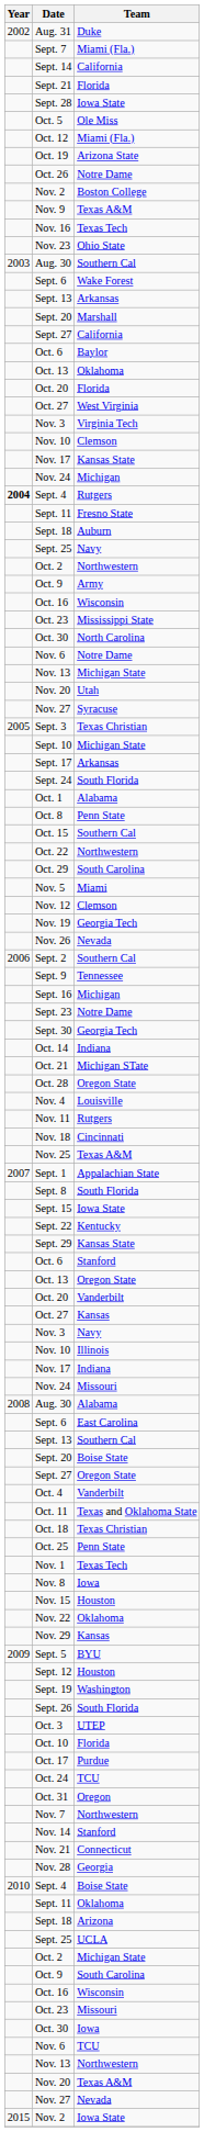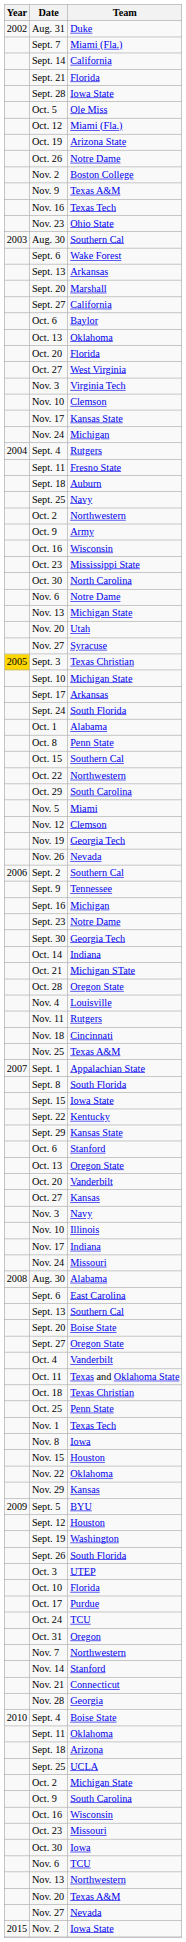 <table class="wikitable">
 <tr>
 <th>Year</th>
 <th>Date</th>
 <th>Team</th>
 </tr>
 <tr>
 <td>2002</td>
 <td>Aug. 31</td>
 <td><a href='#'>Duke</a></td>
 </tr>
 <tr>
 <td></td>
 <td>Sept. 7</td>
 <td><a href='#'>Miami (Fla.)</a></td>
 </tr>
 <tr>
 <td></td>
 <td>Sept. 14</td>
 <td><a href='#'>California</a></td>
 </tr>
 <tr>
 <td></td>
 <td>Sept. 21</td>
 <td><a href='#'>Florida</a></td>
 </tr>
 <tr>
 <td></td>
 <td>Sept. 28</td>
 <td><a href='#'>Iowa State</a></td>
 </tr>
 <tr>
 <td></td>
 <td>Oct. 5</td>
 <td><a href='#'>Ole Miss</a></td>
 </tr>
 <tr>
 <td></td>
 <td>Oct. 12</td>
 <td><a href='#'>Miami (Fla.)</a></td>
 </tr>
 <tr>
 <td></td>
 <td>Oct. 19</td>
 <td><a href='#'>Arizona State</a></td>
 </tr>
 <tr>
 <td></td>
 <td>Oct. 26</td>
 <td><a href='#'>Notre Dame</a></td>
 </tr>
 <tr>
 <td></td>
 <td>Nov. 2</td>
 <td><a href='#'>Boston College</a></td>
 </tr>
 <tr>
 <td></td>
 <td>Nov. 9</td>
 <td><a href='#'>Texas A&M</a></td>
 </tr>
 <tr>
 <td></td>
 <td>Nov. 16</td>
 <td><a href='#'>Texas Tech</a></td>
 </tr>
 <tr>
 <td></td>
 <td>Nov. 23</td>
 <td><a href='#'>Ohio State</a></td>
 </tr>
 <tr>
 <td>2003</td>
 <td>Aug. 30</td>
 <td><a href='#'>Southern Cal</a></td>
 </tr>
 <tr>
 <td></td>
 <td>Sept. 6</td>
 <td><a href='#'>Wake Forest</a></td>
 </tr>
 <tr>
 <td></td>
 <td>Sept. 13</td>
 <td><a href='#'>Arkansas</a></td>
 </tr>
 <tr>
 <td></td>
 <td>Sept. 20</td>
 <td><a href='#'>Marshall</a></td>
 </tr>
 <tr>
 <td></td>
 <td>Sept. 27</td>
 <td><a href='#'>California</a></td>
 </tr>
 <tr>
 <td></td>
 <td>Oct. 6</td>
 <td><a href='#'>Baylor</a></td>
 </tr>
 <tr>
 <td></td>
 <td>Oct. 13</td>
 <td><a href='#'>Oklahoma</a></td>
 </tr>
 <tr>
 <td></td>
 <td>Oct. 20</td>
 <td><a href='#'>Florida</a></td>
 </tr>
 <tr>
 <td></td>
 <td>Oct. 27</td>
 <td><a href='#'>West Virginia</a></td>
 </tr>
 <tr>
 <td></td>
 <td>Nov. 3</td>
 <td><a href='#'>Virginia Tech</a></td>
 </tr>
 <tr>
 <td></td>
 <td>Nov. 10</td>
 <td><a href='#'>Clemson</a></td>
 </tr>
 <tr>
 <td></td>
 <td>Nov. 17</td>
 <td><a href='#'>Kansas State</a></td>
 </tr>
 <tr>
 <td></td>
 <td>Nov. 24</td>
 <td><a href='#'>Michigan</a></td>
 </tr>
 <tr>
-<td><strong>2004</strong></td>
+<td>2004</td>
 <td>Sept. 4</td>
 <td><a href='#'>Rutgers</a></td>
 </tr>
 <tr>
 <td></td>
 <td>Sept. 11</td>
 <td><a href='#'>Fresno State</a></td>
 </tr>
 <tr>
 <td></td>
 <td>Sept. 18</td>
 <td><a href='#'>Auburn</a></td>
 </tr>
 <tr>
 <td></td>
 <td>Sept. 25</td>
 <td><a href='#'>Navy</a></td>
 </tr>
 <tr>
 <td></td>
 <td>Oct. 2</td>
 <td><a href='#'>Northwestern</a></td>
 </tr>
 <tr>
 <td></td>
 <td>Oct. 9</td>
 <td><a href='#'>Army</a></td>
 </tr>
 <tr>
 <td></td>
 <td>Oct. 16</td>
 <td><a href='#'>Wisconsin</a></td>
 </tr>
 <tr>
 <td></td>
 <td>Oct. 23</td>
 <td><a href='#'>Mississippi State</a></td>
 </tr>
 <tr>
 <td></td>
 <td>Oct. 30</td>
 <td><a href='#'>North Carolina</a></td>
 </tr>
 <tr>
 <td></td>
 <td>Nov. 6</td>
 <td><a href='#'>Notre Dame</a></td>
 </tr>
 <tr>
 <td></td>
 <td>Nov. 13</td>
 <td><a href='#'>Michigan State</a></td>
 </tr>
 <tr>
 <td></td>
 <td>Nov. 20</td>
 <td><a href='#'>Utah</a></td>
 </tr>
 <tr>
 <td></td>
 <td>Nov. 27</td>
 <td><a href='#'>Syracuse</a></td>
 </tr>
 <tr>
-<td>2005</td>
+<td style="background: gold;">2005</td>
 <td>Sept. 3</td>
 <td><a href='#'>Texas Christian</a></td>
 </tr>
 <tr>
 <td></td>
 <td>Sept. 10</td>
 <td><a href='#'>Michigan State</a></td>
 </tr>
 <tr>
 <td></td>
 <td>Sept. 17</td>
 <td><a href='#'>Arkansas</a></td>
 </tr>
 <tr>
 <td></td>
 <td>Sept. 24</td>
 <td><a href='#'>South Florida</a></td>
 </tr>
 <tr>
 <td></td>
 <td>Oct. 1</td>
 <td><a href='#'>Alabama</a></td>
 </tr>
 <tr>
 <td></td>
 <td>Oct. 8</td>
 <td><a href='#'>Penn State</a></td>
 </tr>
 <tr>
 <td></td>
 <td>Oct. 15</td>
 <td><a href='#'>Southern Cal</a></td>
 </tr>
 <tr>
 <td></td>
 <td>Oct. 22</td>
 <td><a href='#'>Northwestern</a></td>
 </tr>
 <tr>
 <td></td>
 <td>Oct. 29</td>
 <td><a href='#'>South Carolina</a></td>
 </tr>
 <tr>
 <td></td>
 <td>Nov. 5</td>
 <td><a href='#'>Miami</a></td>
 </tr>
 <tr>
 <td></td>
 <td>Nov. 12</td>
 <td><a href='#'>Clemson</a></td>
 </tr>
 <tr>
 <td></td>
 <td>Nov. 19</td>
 <td><a href='#'>Georgia Tech</a></td>
 </tr>
 <tr>
 <td></td>
 <td>Nov. 26</td>
 <td><a href='#'>Nevada</a></td>
 </tr>
 <tr>
 <td>2006</td>
 <td>Sept. 2</td>
 <td><a href='#'>Southern Cal</a></td>
 </tr>
 <tr>
 <td></td>
 <td>Sept. 9</td>
 <td><a href='#'>Tennessee</a></td>
 </tr>
 <tr>
 <td></td>
 <td>Sept. 16</td>
 <td><a href='#'>Michigan</a></td>
 </tr>
 <tr>
 <td></td>
 <td>Sept. 23</td>
 <td><a href='#'>Notre Dame</a></td>
 </tr>
 <tr>
 <td></td>
 <td>Sept. 30</td>
 <td><a href='#'>Georgia Tech</a></td>
 </tr>
 <tr>
 <td></td>
 <td>Oct. 14</td>
 <td><a href='#'>Indiana</a></td>
 </tr>
 <tr>
 <td></td>
 <td>Oct. 21</td>
 <td><a href='#'>Michigan STate</a></td>
 </tr>
 <tr>
 <td></td>
 <td>Oct. 28</td>
 <td><a href='#'>Oregon State</a></td>
 </tr>
 <tr>
 <td></td>
 <td>Nov. 4</td>
 <td><a href='#'>Louisville</a></td>
 </tr>
 <tr>
 <td></td>
 <td>Nov. 11</td>
 <td><a href='#'>Rutgers</a></td>
 </tr>
 <tr>
 <td></td>
 <td>Nov. 18</td>
 <td><a href='#'>Cincinnati</a></td>
 </tr>
 <tr>
 <td></td>
 <td>Nov. 25</td>
 <td><a href='#'>Texas A&M</a></td>
 </tr>
 <tr>
 <td>2007</td>
 <td>Sept. 1</td>
 <td><a href='#'>Appalachian State</a></td>
 </tr>
 <tr>
 <td></td>
 <td>Sept. 8</td>
 <td><a href='#'>South Florida</a></td>
 </tr>
 <tr>
 <td></td>
 <td>Sept. 15</td>
 <td><a href='#'>Iowa State</a></td>
 </tr>
 <tr>
 <td></td>
 <td>Sept. 22</td>
 <td><a href='#'>Kentucky</a></td>
 </tr>
 <tr>
 <td></td>
 <td>Sept. 29</td>
 <td><a href='#'>Kansas State</a></td>
 </tr>
 <tr>
 <td></td>
 <td>Oct. 6</td>
 <td><a href='#'>Stanford</a></td>
 </tr>
 <tr>
 <td></td>
 <td>Oct. 13</td>
 <td><a href='#'>Oregon State</a></td>
 </tr>
 <tr>
 <td></td>
 <td>Oct. 20</td>
 <td><a href='#'>Vanderbilt</a></td>
 </tr>
 <tr>
 <td></td>
 <td>Oct. 27</td>
 <td><a href='#'>Kansas</a></td>
 </tr>
 <tr>
 <td></td>
 <td>Nov. 3</td>
 <td><a href='#'>Navy</a></td>
 </tr>
 <tr>
 <td></td>
 <td>Nov. 10</td>
 <td><a href='#'>Illinois</a></td>
 </tr>
 <tr>
 <td></td>
 <td>Nov. 17</td>
 <td><a href='#'>Indiana</a></td>
 </tr>
 <tr>
 <td></td>
 <td>Nov. 24</td>
 <td><a href='#'>Missouri</a></td>
 </tr>
 <tr>
 <td>2008</td>
 <td>Aug. 30</td>
 <td><a href='#'>Alabama</a></td>
 </tr>
 <tr>
 <td></td>
 <td>Sept. 6</td>
 <td><a href='#'>East Carolina</a></td>
 </tr>
 <tr>
 <td></td>
 <td>Sept. 13</td>
 <td><a href='#'>Southern Cal</a></td>
 </tr>
 <tr>
 <td></td>
 <td>Sept. 20</td>
 <td><a href='#'>Boise State</a></td>
 </tr>
 <tr>
 <td></td>
 <td>Sept. 27</td>
 <td><a href='#'>Oregon State</a></td>
 </tr>
 <tr>
 <td></td>
 <td>Oct. 4</td>
 <td><a href='#'>Vanderbilt</a></td>
 </tr>
 <tr>
 <td></td>
 <td>Oct. 11</td>
 <td><a href='#'>Texas</a> and <a href='#'>Oklahoma State</a></td>
 </tr>
 <tr>
 <td></td>
 <td>Oct. 18</td>
 <td><a href='#'>Texas Christian</a></td>
 </tr>
 <tr>
 <td></td>
 <td>Oct. 25</td>
 <td><a href='#'>Penn State</a></td>
 </tr>
 <tr>
 <td></td>
 <td>Nov. 1</td>
 <td><a href='#'>Texas Tech</a></td>
 </tr>
 <tr>
 <td></td>
 <td>Nov. 8</td>
 <td><a href='#'>Iowa</a></td>
 </tr>
 <tr>
 <td></td>
 <td>Nov. 15</td>
 <td><a href='#'>Houston</a></td>
 </tr>
 <tr>
 <td></td>
 <td>Nov. 22</td>
 <td><a href='#'>Oklahoma</a></td>
 </tr>
 <tr>
 <td></td>
 <td>Nov. 29</td>
 <td><a href='#'>Kansas</a></td>
 </tr>
 <tr>
 <td>2009</td>
 <td>Sept. 5</td>
 <td><a href='#'>BYU</a></td>
 </tr>
 <tr>
 <td></td>
 <td>Sept. 12</td>
 <td><a href='#'>Houston</a></td>
 </tr>
 <tr>
 <td></td>
 <td>Sept. 19</td>
 <td><a href='#'>Washington</a></td>
 </tr>
 <tr>
 <td></td>
 <td>Sept. 26</td>
 <td><a href='#'>South Florida</a></td>
 </tr>
 <tr>
 <td></td>
 <td>Oct. 3</td>
 <td><a href='#'>UTEP</a></td>
 </tr>
 <tr>
 <td></td>
 <td>Oct. 10</td>
 <td><a href='#'>Florida</a></td>
 </tr>
 <tr>
 <td></td>
 <td>Oct. 17</td>
 <td><a href='#'>Purdue</a></td>
 </tr>
 <tr>
 <td></td>
 <td>Oct. 24</td>
 <td><a href='#'>TCU</a></td>
 </tr>
 <tr>
 <td></td>
 <td>Oct. 31</td>
 <td><a href='#'>Oregon</a></td>
 </tr>
 <tr>
 <td></td>
 <td>Nov. 7</td>
 <td><a href='#'>Northwestern</a></td>
 </tr>
 <tr>
 <td></td>
 <td>Nov. 14</td>
 <td><a href='#'>Stanford</a></td>
 </tr>
 <tr>
 <td></td>
 <td>Nov. 21</td>
 <td><a href='#'>Connecticut</a></td>
 </tr>
 <tr>
 <td></td>
 <td>Nov. 28</td>
 <td><a href='#'>Georgia</a></td>
 </tr>
 <tr>
 <td>2010</td>
 <td>Sept. 4</td>
 <td><a href='#'>Boise State</a></td>
 </tr>
 <tr>
 <td></td>
 <td>Sept. 11</td>
 <td><a href='#'>Oklahoma</a></td>
 </tr>
 <tr>
 <td></td>
 <td>Sept. 18</td>
 <td><a href='#'>Arizona</a></td>
 </tr>
 <tr>
 <td></td>
 <td>Sept. 25</td>
 <td><a href='#'>UCLA</a></td>
 </tr>
 <tr>
 <td></td>
 <td>Oct. 2</td>
 <td><a href='#'>Michigan State</a></td>
 </tr>
 <tr>
 <td></td>
 <td>Oct. 9</td>
 <td><a href='#'>South Carolina</a></td>
 </tr>
 <tr>
 <td></td>
 <td>Oct. 16</td>
 <td><a href='#'>Wisconsin</a></td>
 </tr>
 <tr>
 <td></td>
 <td>Oct. 23</td>
 <td><a href='#'>Missouri</a></td>
 </tr>
 <tr>
 <td></td>
 <td>Oct. 30</td>
 <td><a href='#'>Iowa</a></td>
 </tr>
 <tr>
 <td></td>
 <td>Nov. 6</td>
 <td><a href='#'>TCU</a></td>
 </tr>
 <tr>
 <td></td>
 <td>Nov. 13</td>
 <td><a href='#'>Northwestern</a></td>
 </tr>
 <tr>
 <td></td>
 <td>Nov. 20</td>
 <td><a href='#'>Texas A&M</a></td>
 </tr>
 <tr>
 <td></td>
 <td>Nov. 27</td>
 <td><a href='#'>Nevada</a></td>
 </tr>
 <tr>
 <td>2015</td>
 <td>Nov. 2</td>
 <td><a href='#'>Iowa State</a></td>
 </tr>
 <tr>
 </tr>
 </table>
